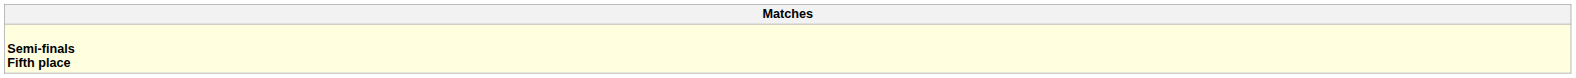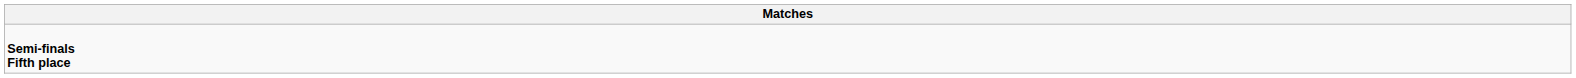 <table class="wikitable collapsible collapsed" style="width:100%;">
 <tr>
 <th>Matches</th>
 </tr>
 <tr>
-<td style="background: lightyellow;"><br><strong>Semi-finals</strong>  <br><strong>Fifth place</strong> </td>
+<td><br><strong>Semi-finals</strong>  <br><strong>Fifth place</strong> </td>
 </tr>
 </table>
